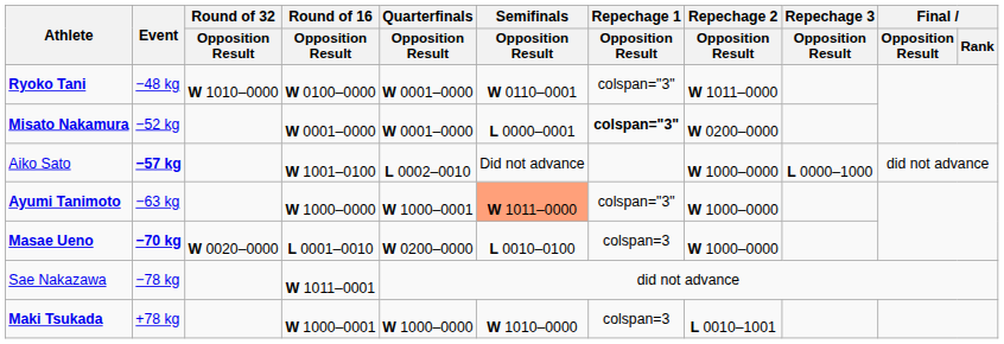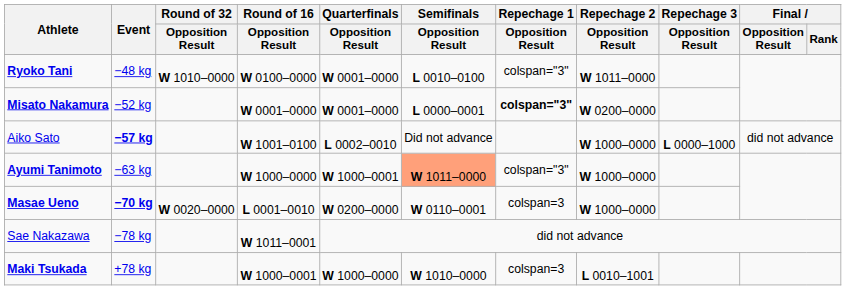 <table class="wikitable" style="font-size:90%">
 <tr>
 <th rowspan="2">Athlete</th>
 <th rowspan="2">Event</th>
 <th>Round of 32</th>
 <th>Round of 16</th>
 <th>Quarterfinals</th>
 <th>Semifinals</th>
 <th>Repechage 1</th>
 <th>Repechage 2</th>
 <th>Repechage 3</th>
 <th colspan=2>Final / </th>
 </tr>
 <tr style="font-size:95%">
 <th>Opposition<br>Result</th>
 <th>Opposition<br>Result</th>
 <th>Opposition<br>Result</th>
 <th>Opposition<br>Result</th>
 <th>Opposition<br>Result</th>
 <th>Opposition<br>Result</th>
 <th>Opposition<br>Result</th>
 <th>Opposition<br>Result</th>
 <th>Rank</th>
 </tr>
 <tr align=center>
 <td align=left><strong><a href='#'>Ryoko Tani</a></strong></td>
 <td align=left><a href='#'>−48 kg</a></td>
 <td><br> <strong>W</strong> 1010–0000</td>
 <td><br> <strong>W</strong> 0100–0000</td>
 <td><br> <strong>W</strong> 0001–0000</td>
-<td> <br> <strong>W</strong> 0110–0001</td>
+<td><br> <strong>L</strong> 0010–0100</td>
 <td>colspan="3" </td>
 <td><br> <strong>W</strong> 1011–0000</td>
 <td></td>
 </tr>
 <tr align=center>
 <td align=left><strong><a href='#'>Misato Nakamura</a></strong></td>
 <td align=left><a href='#'>−52 kg</a></td>
 <td></td>
 <td><br> <strong>W</strong> 0001–0000</td>
 <td><br> <strong>W</strong> 0001–0000</td>
 <td><br> <strong>L</strong> 0000–0001</td>
 <td><strong>colspan="3" </strong></td>
 <td><br><strong>W</strong> 0200–0000</td>
 <td></td>
 </tr>
 <tr align=center>
 <td align=left><a href='#'>Aiko Sato</a></td>
 <td align=left><strong><a href='#'>−57 kg</a></strong></td>
 <td></td>
 <td><br> <strong>W</strong> 1001–0100</td>
 <td> <br> <strong>L</strong> 0002–0010</td>
 <td>Did not advance</td>
 <td></td>
 <td><br><strong>W</strong> 1000–0000</td>
 <td><br> <strong>L</strong> 0000–1000</td>
 <td colspan=2>did not advance</td>
 </tr>
 <tr align=center>
 <td align=left><strong><a href='#'>Ayumi Tanimoto</a></strong></td>
 <td align=left><a href='#'>−63 kg</a></td>
 <td></td>
 <td><br> <strong>W</strong> 1000–0000</td>
 <td> <br> <strong>W</strong> 1000–0001</td>
 <td style="background: lightsalmon;"> <br> <strong>W</strong> 1011–0000</td>
 <td>colspan="3" </td>
 <td><br> <strong>W</strong> 1000–0000</td>
 <td></td>
 </tr>
 <tr align=center>
 <td align=left><strong><a href='#'>Masae Ueno</a></strong></td>
 <td align=left><strong><a href='#'>−70 kg</a></strong></td>
 <td><br> <strong>W</strong> 0020–0000</td>
 <td><br> <strong>L</strong> 0001–0010</td>
 <td> <br> <strong>W</strong> 0200–0000</td>
-<td><br> <strong>L</strong> 0010–0100</td>
+<td> <br> <strong>W</strong> 0110–0001</td>
 <td>colspan=3 </td>
 <td><br> <strong>W</strong> 1000–0000</td>
 <td></td>
 </tr>
 <tr align=center>
 <td align=left><a href='#'>Sae Nakazawa</a></td>
 <td align=left><a href='#'>−78 kg</a></td>
 <td></td>
 <td><br> <strong>W</strong> 1011–0001</td>
 <td colspan=7>did not advance</td>
 </tr>
 <tr align=center>
 <td align=left><strong><a href='#'>Maki Tsukada</a></strong></td>
 <td align=left><a href='#'>+78 kg</a></td>
 <td></td>
 <td><br> <strong>W</strong> 1000–0001</td>
 <td><br> <strong>W</strong> 1000–0000</td>
 <td> <br> <strong>W</strong> 1010–0000</td>
 <td>colspan=3 </td>
 <td><br> <strong>L</strong> 0010–1001</td>
 <td></td>
 </tr>
 </table>
